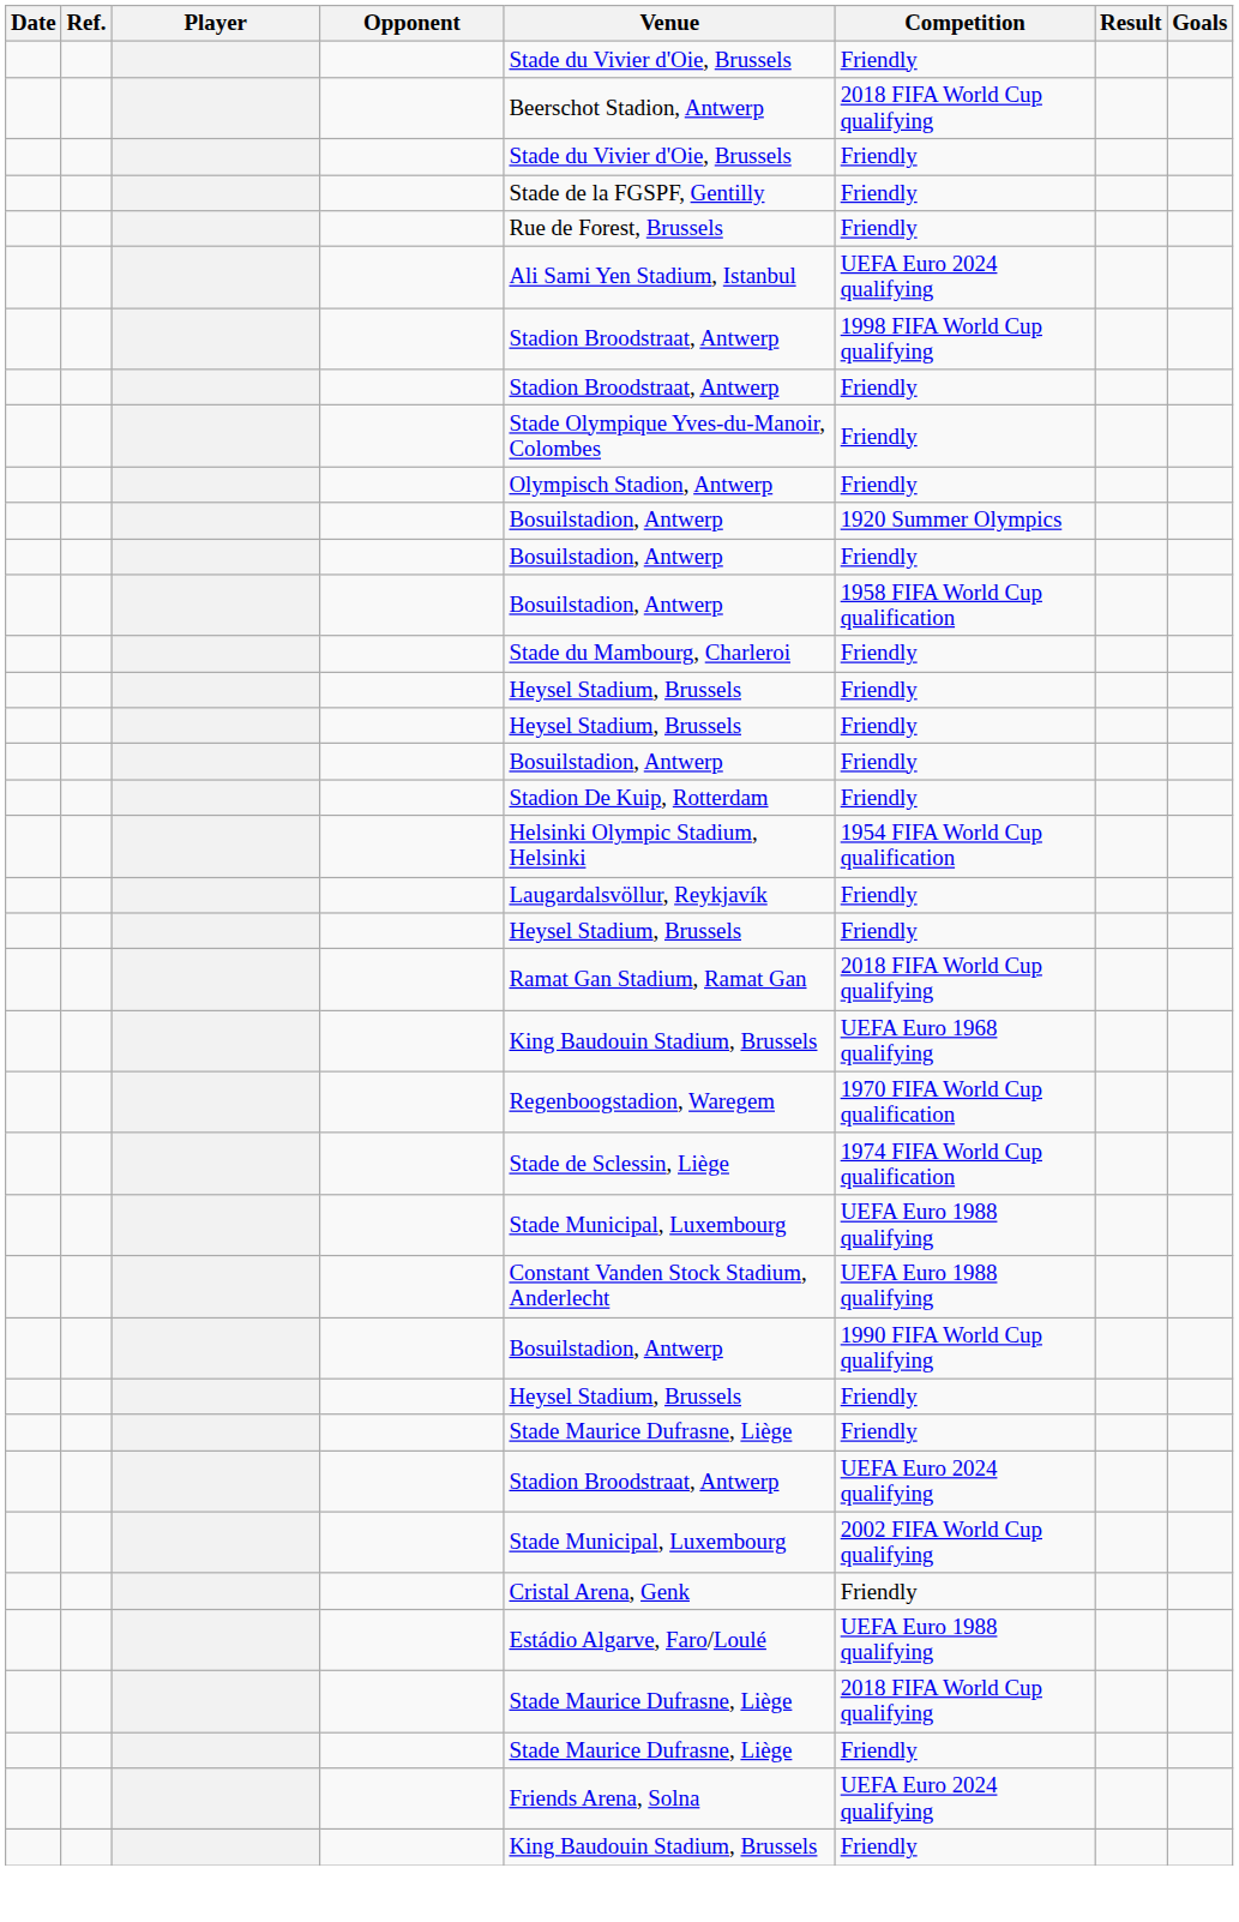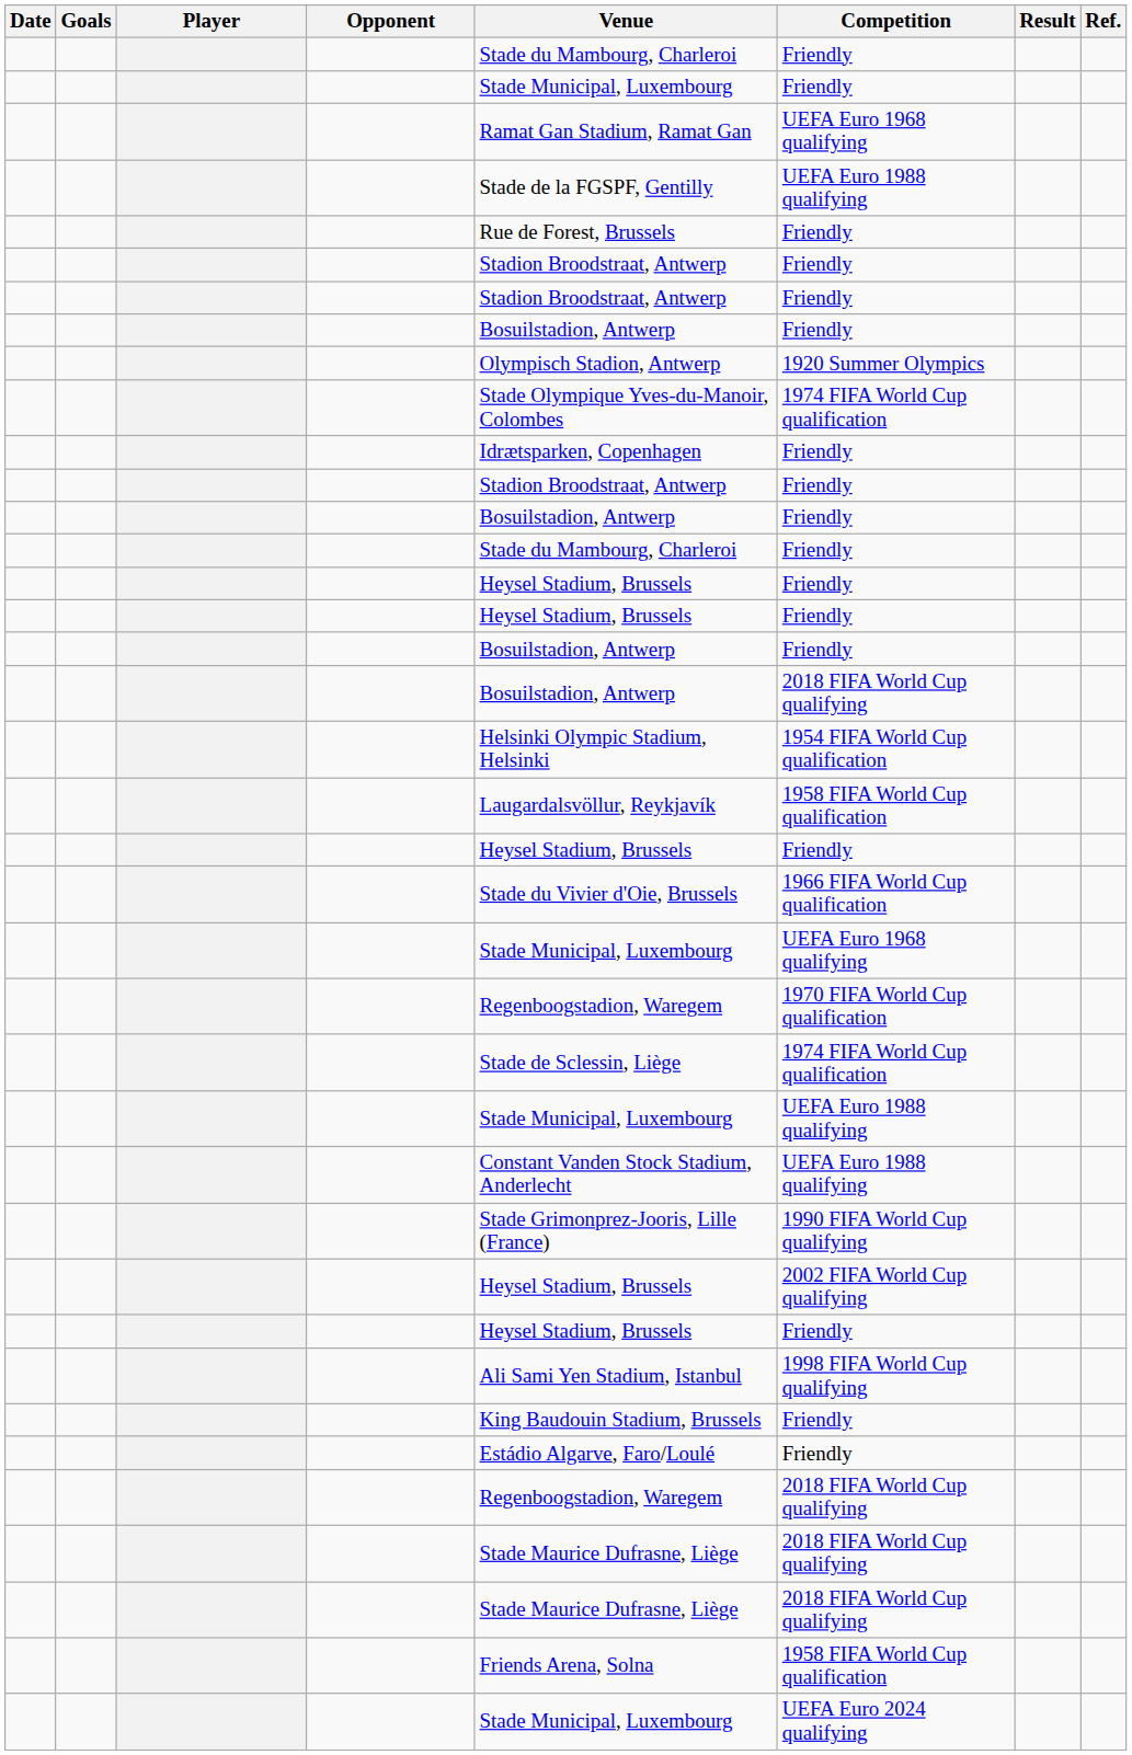 <table class="wikitable sortable plainrowheaders">
 <tr>
 <th scope="col">Date</th>
-<th scope="col" class="unsortable">Ref.</th>
+<th scope="col">Goals</th>
 <th width="17%">Player</th>
 <th width="15%">Opponent</th>
 <th width="27%">Venue</th>
 <th scope="col">Competition</th>
 <th class="align:center">Result</th>
-<th scope="col">Goals</th>
+<th scope="col" class="unsortable">Ref.</th>
 </tr>
 <tr>
 <td></td>
 <td></td>
 <th scope="row"></th>
 <td></td>
-<td><a href='#'>Stade du Vivier d'Oie</a>, <a href='#'>Brussels</a></td>
+<td><a href='#'>Stade du Mambourg</a>, <a href='#'>Charleroi</a></td>
 <td><a href='#'>Friendly</a></td>
 <td data-sort-value="07"></td>
 <td></td>
 </tr>
 <tr>
 <td></td>
 <td></td>
 <th scope="row"></th>
 <td></td>
-<td>Beerschot Stadion, <a href='#'>Antwerp</a></td>
-<td><a href='#'>2018 FIFA World Cup qualifying</a></td>
-<td data-sort-value="05"></td>
-<td></td>
-</tr>
-<tr>
-<td></td>
-<td></td>
-<th scope="row"></th>
-<td></td>
-<td><a href='#'>Stade du Vivier d'Oie</a>, <a href='#'>Brussels</a></td>
+<td><a href='#'>Stade Municipal</a>, <a href='#'>Luxembourg</a></td>
 <td><a href='#'>Friendly</a></td>
 <td data-sort-value="05"></td>
 <td></td>
 </tr>
 <tr>
 <td></td>
 <td></td>
 <th scope="row"></th>
 <td></td>
+<td><a href='#'>Ramat Gan Stadium</a>, <a href='#'>Ramat Gan</a></td>
+<td><a href='#'>UEFA Euro 1968 qualifying</a></td>
+<td data-sort-value="05"></td>
+<td></td>
+</tr>
+<tr>
+<td></td>
+<td></td>
+<th scope="row"></th>
+<td></td>
 <td>Stade de la FGSPF, <a href='#'>Gentilly</a></td>
-<td><a href='#'>Friendly</a></td>
+<td><a href='#'>UEFA Euro 1988 qualifying</a></td>
 <td data-sort-value="04"></td>
 <td></td>
 </tr>
 <tr>
 <td></td>
 <td></td>
 <th scope="row"></th>
 <td></td>
 <td>Rue de Forest, <a href='#'>Brussels</a></td>
 <td><a href='#'>Friendly</a></td>
 <td data-sort-value="07"></td>
 <td></td>
 </tr>
 <tr>
 <td></td>
 <td></td>
 <th scope="row"></th>
 <td></td>
-<td><a href='#'>Ali Sami Yen Stadium</a>, <a href='#'>Istanbul</a></td>
-<td><a href='#'>UEFA Euro 2024 qualifying</a></td>
+<td><a href='#'>Stadion Broodstraat</a>, <a href='#'>Antwerp</a></td>
+<td><a href='#'>Friendly</a></td>
 <td data-sort-value="09"></td>
-<td></td>
-</tr>
-<tr>
-<td></td>
-<td></td>
-<th scope="row"></th>
-<td></td>
-<td><a href='#'>Stadion Broodstraat</a>, <a href='#'>Antwerp</a></td>
-<td><a href='#'>1998 FIFA World Cup qualifying</a></td>
-<td data-sort-value="06"></td>
 <td></td>
 </tr>
 <tr>
 <td></td>
 <td></td>
 <th scope="row"></th>
 <td></td>
 <td><a href='#'>Stadion Broodstraat</a>, <a href='#'>Antwerp</a></td>
 <td><a href='#'>Friendly</a></td>
 <td data-sort-value="06"></td>
 <td></td>
 </tr>
 <tr>
 <td></td>
 <td></td>
 <th scope="row"></th>
 <td></td>
-<td><a href='#'>Stade Olympique Yves-du-Manoir</a>, <a href='#'>Colombes</a></td>
-<td><a href='#'>Friendly</a></td>
-<td data-sort-value="03"></td>
-<td></td>
-</tr>
-<tr>
-<td></td>
-<td></td>
-<th scope="row"></th>
-<td></td>
-<td><a href='#'>Olympisch Stadion</a>, <a href='#'>Antwerp</a></td>
+<td><a href='#'>Bosuilstadion</a>, <a href='#'>Antwerp</a></td>
 <td><a href='#'>Friendly</a></td>
 <td data-sort-value="06"></td>
 <td></td>
 </tr>
 <tr>
 <td></td>
 <td></td>
 <th scope="row"></th>
 <td></td>
-<td><a href='#'>Bosuilstadion</a>, <a href='#'>Antwerp</a></td>
+<td><a href='#'>Olympisch Stadion</a>, <a href='#'>Antwerp</a></td>
 <td><a href='#'>1920 Summer Olympics</a></td>
+<td data-sort-value="03"></td>
+<td></td>
+</tr>
+<tr>
+<td></td>
+<td></td>
+<th scope="row"></th>
+<td></td>
+<td><a href='#'>Stade Olympique Yves-du-Manoir</a>, <a href='#'>Colombes</a></td>
+<td><a href='#'>1974 FIFA World Cup qualification</a></td>
+<td data-sort-value="06"></td>
+<td></td>
+</tr>
+<tr>
+<td></td>
+<td></td>
+<th scope="row"></th>
+<td></td>
+<td><a href='#'>Idrætsparken</a>, <a href='#'>Copenhagen</a></td>
+<td><a href='#'>Friendly</a></td>
 <td data-sort-value="04"></td>
 <td></td>
 </tr>
 <tr>
 <td></td>
 <td></td>
 <th scope="row"></th>
 <td></td>
-<td><a href='#'>Bosuilstadion</a>, <a href='#'>Antwerp</a></td>
+<td><a href='#'>Stadion Broodstraat</a>, <a href='#'>Antwerp</a></td>
 <td><a href='#'>Friendly</a></td>
 <td data-sort-value="05"></td>
 <td></td>
 </tr>
 <tr>
 <td></td>
 <td></td>
 <th scope="row"></th>
 <td></td>
 <td><a href='#'>Bosuilstadion</a>, <a href='#'>Antwerp</a></td>
-<td><a href='#'>1958 FIFA World Cup qualification</a></td>
+<td><a href='#'>Friendly</a></td>
 <td data-sort-value="07"></td>
 <td></td>
 </tr>
 <tr>
 <td></td>
 <td></td>
 <th scope="row"></th>
 <td></td>
 <td><a href='#'>Stade du Mambourg</a>, <a href='#'>Charleroi</a></td>
 <td><a href='#'>Friendly</a></td>
 <td data-sort-value="07"></td>
 <td></td>
 </tr>
 <tr>
 <td></td>
 <td></td>
 <th scope="row"></th>
 <td></td>
 <td><a href='#'>Heysel Stadium</a>, <a href='#'>Brussels</a></td>
 <td><a href='#'>Friendly</a></td>
 <td data-sort-value="05"></td>
 <td></td>
 </tr>
 <tr>
 <td></td>
 <td></td>
 <th scope="row"></th>
 <td></td>
 <td><a href='#'>Heysel Stadium</a>, <a href='#'>Brussels</a></td>
 <td><a href='#'>Friendly</a></td>
 <td data-sort-value="04"></td>
 <td></td>
 </tr>
 <tr>
 <td></td>
 <td></td>
 <th scope="row"></th>
 <td></td>
 <td><a href='#'>Bosuilstadion</a>, <a href='#'>Antwerp</a></td>
 <td><a href='#'>Friendly</a></td>
 <td data-sort-value="07"></td>
 <td></td>
 </tr>
 <tr>
 <td></td>
 <td></td>
 <th scope="row"></th>
 <td></td>
-<td><a href='#'>Stadion De Kuip</a>, <a href='#'>Rotterdam</a></td>
-<td><a href='#'>Friendly</a></td>
+<td><a href='#'>Bosuilstadion</a>, <a href='#'>Antwerp</a></td>
+<td><a href='#'>2018 FIFA World Cup qualifying</a></td>
 <td data-sort-value="07"></td>
 <td></td>
 </tr>
 <tr>
 <td></td>
 <td></td>
 <th scope="row"></th>
 <td></td>
 <td><a href='#'>Helsinki Olympic Stadium</a>, <a href='#'>Helsinki</a></td>
 <td><a href='#'>1954 FIFA World Cup qualification</a></td>
 <td data-sort-value="04"></td>
 <td></td>
 </tr>
 <tr>
 <td></td>
 <td></td>
 <th scope="row"></th>
 <td></td>
 <td><a href='#'>Laugardalsvöllur</a>, <a href='#'>Reykjavík</a></td>
-<td><a href='#'>Friendly</a></td>
+<td><a href='#'>1958 FIFA World Cup qualification</a></td>
 <td data-sort-value="05"></td>
 <td></td>
 </tr>
 <tr>
 <td></td>
 <td></td>
 <th scope="row"></th>
 <td></td>
 <td><a href='#'>Heysel Stadium</a>, <a href='#'>Brussels</a></td>
 <td><a href='#'>Friendly</a></td>
 <td data-sort-value="05"></td>
 <td></td>
 </tr>
 <tr>
 <td></td>
 <td></td>
 <th scope="row"></th>
 <td></td>
-<td><a href='#'>Ramat Gan Stadium</a>, <a href='#'>Ramat Gan</a></td>
-<td><a href='#'>2018 FIFA World Cup qualifying</a></td>
+<td><a href='#'>Stade du Vivier d'Oie</a>, <a href='#'>Brussels</a></td>
+<td><a href='#'>1966 FIFA World Cup qualification</a></td>
 <td data-sort-value="05"></td>
 <td></td>
 </tr>
 <tr>
 <td></td>
 <td></td>
 <th scope="row"></th>
 <td></td>
-<td><a href='#'>King Baudouin Stadium</a>, <a href='#'>Brussels</a></td>
+<td><a href='#'>Stade Municipal</a>, <a href='#'>Luxembourg</a></td>
 <td><a href='#'>UEFA Euro 1968 qualifying</a></td>
 <td data-sort-value="05"></td>
 <td></td>
 </tr>
 <tr>
 <td></td>
 <td></td>
 <th scope="row"></th>
 <td></td>
 <td><a href='#'>Regenboogstadion</a>, <a href='#'>Waregem</a></td>
 <td><a href='#'>1970 FIFA World Cup qualification</a></td>
 <td data-sort-value="06"></td>
 <td></td>
 </tr>
 <tr>
 <td></td>
 <td></td>
 <th scope="row"></th>
 <td></td>
 <td><a href='#'>Stade de Sclessin</a>, <a href='#'>Liège</a></td>
 <td><a href='#'>1974 FIFA World Cup qualification</a></td>
 <td data-sort-value="06"></td>
 <td></td>
 </tr>
 <tr>
 <td></td>
 <td></td>
 <th scope="row"></th>
 <td></td>
 <td><a href='#'>Stade Municipal</a>, <a href='#'>Luxembourg</a></td>
 <td><a href='#'>UEFA Euro 1988 qualifying</a></td>
 <td data-sort-value="06"></td>
 <td></td>
 </tr>
 <tr>
 <td></td>
 <td></td>
 <th scope="row"></th>
 <td></td>
 <td><a href='#'>Constant Vanden Stock Stadium</a>, <a href='#'>Anderlecht</a></td>
 <td><a href='#'>UEFA Euro 1988 qualifying</a></td>
 <td data-sort-value="04"></td>
 <td></td>
 </tr>
 <tr>
 <td></td>
 <td></td>
 <th scope="row"></th>
 <td></td>
-<td><a href='#'>Bosuilstadion</a>, <a href='#'>Antwerp</a></td>
+<td><a href='#'>Stade Grimonprez-Jooris</a>, <a href='#'>Lille</a> (<a href='#'>France</a>)</td>
 <td><a href='#'>1990 FIFA World Cup qualifying</a></td>
 <td data-sort-value="05"></td>
+<td></td>
+</tr>
+<tr>
+<td></td>
+<td></td>
+<th scope="row"></th>
+<td></td>
+<td><a href='#'>Heysel Stadium</a>, <a href='#'>Brussels</a></td>
+<td><a href='#'>2002 FIFA World Cup qualifying</a></td>
+<td data-sort-value="09"></td>
 <td></td>
 </tr>
 <tr>
 <td></td>
 <td></td>
 <th scope="row"></th>
 <td></td>
 <td><a href='#'>Heysel Stadium</a>, <a href='#'>Brussels</a></td>
 <td><a href='#'>Friendly</a></td>
 <td data-sort-value="09"></td>
 <td></td>
 </tr>
 <tr>
 <td></td>
 <td></td>
 <th scope="row"></th>
 <td></td>
-<td><a href='#'>Stade Maurice Dufrasne</a>, <a href='#'>Liège</a></td>
-<td><a href='#'>Friendly</a></td>
-<td data-sort-value="09"></td>
-<td></td>
-</tr>
-<tr>
-<td></td>
-<td></td>
-<th scope="row"></th>
-<td></td>
-<td><a href='#'>Stadion Broodstraat</a>, <a href='#'>Antwerp</a></td>
-<td><a href='#'>UEFA Euro 2024 qualifying</a></td>
+<td><a href='#'>Ali Sami Yen Stadium</a>, <a href='#'>Istanbul</a></td>
+<td><a href='#'>1998 FIFA World Cup qualifying</a></td>
 <td data-sort-value="03"></td>
 <td></td>
 </tr>
 <tr>
 <td></td>
 <td></td>
 <th scope="row"></th>
 <td></td>
-<td><a href='#'>Stade Municipal</a>, <a href='#'>Luxembourg</a></td>
-<td><a href='#'>2002 FIFA World Cup qualifying</a></td>
+<td><a href='#'>King Baudouin Stadium</a>, <a href='#'>Brussels</a></td>
+<td><a href='#'>Friendly</a></td>
 <td data-sort-value="10"></td>
 <td></td>
 </tr>
 <tr>
 <td></td>
 <td></td>
 <th scope="row"></th>
 <td></td>
-<td><a href='#'>Cristal Arena</a>, <a href='#'>Genk</a></td>
+<td><a href='#'>Estádio Algarve</a>, <a href='#'>Faro</a>/<a href='#'>Loulé</a></td>
 <td>Friendly</td>
 <td data-sort-value="5"></td>
 <td></td>
 </tr>
 <tr>
 <td></td>
 <td></td>
 <th scope="row"></th>
 <td></td>
-<td><a href='#'>Estádio Algarve</a>, <a href='#'>Faro</a>/<a href='#'>Loulé</a></td>
-<td><a href='#'>UEFA Euro 1988 qualifying</a></td>
+<td><a href='#'>Regenboogstadion</a>, <a href='#'>Waregem</a></td>
+<td><a href='#'>2018 FIFA World Cup qualifying</a></td>
 <td data-sort-value="6"></td>
 <td></td>
 </tr>
 <tr>
 <td></td>
 <td></td>
 <th scope="row"></th>
 <td></td>
 <td><a href='#'>Stade Maurice Dufrasne</a>, <a href='#'>Liège</a></td>
 <td><a href='#'>2018 FIFA World Cup qualifying</a></td>
 <td data-sort-value="9"></td>
 <td></td>
 </tr>
 <tr>
 <td></td>
 <td></td>
 <th scope="row"></th>
 <td></td>
 <td><a href='#'>Stade Maurice Dufrasne</a>, <a href='#'>Liège</a></td>
-<td><a href='#'>Friendly</a></td>
+<td><a href='#'>2018 FIFA World Cup qualifying</a></td>
 <td data-sort-value="9"></td>
 <td></td>
 </tr>
 <tr>
 <td></td>
 <td></td>
 <th scope="row"></th>
 <td></td>
 <td><a href='#'>Friends Arena</a>, <a href='#'>Solna</a></td>
-<td><a href='#'>UEFA Euro 2024 qualifying</a></td>
+<td><a href='#'>1958 FIFA World Cup qualification</a></td>
 <td data-sort-value="3"></td>
 <td></td>
 </tr>
 <tr>
 <td></td>
 <td></td>
 <th scope="row"></th>
 <td></td>
-<td><a href='#'>King Baudouin Stadium</a>, <a href='#'>Brussels</a></td>
-<td><a href='#'>Friendly</a></td>
+<td><a href='#'>Stade Municipal</a>, <a href='#'>Luxembourg</a></td>
+<td><a href='#'>UEFA Euro 2024 qualifying</a></td>
 <td data-sort-value="5"></td>
 <td></td>
 </tr>
 </table>
